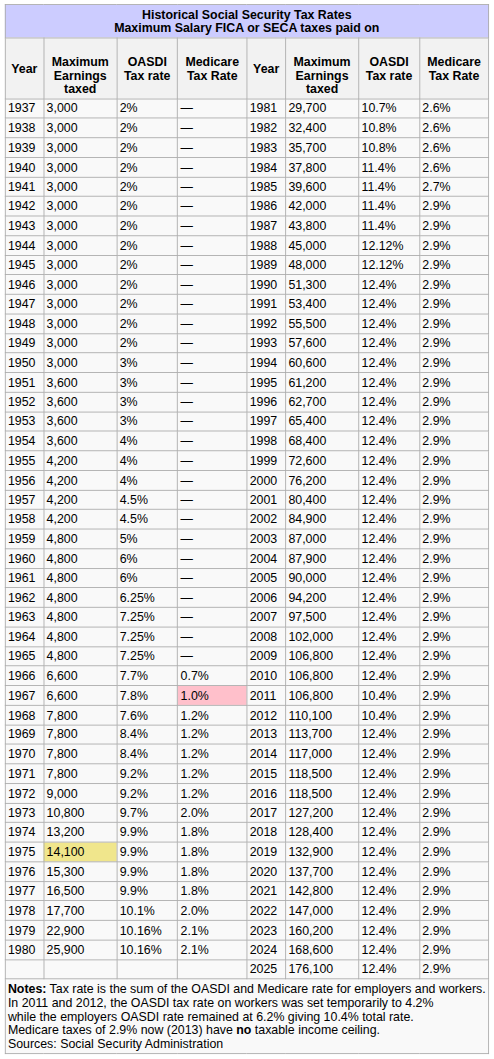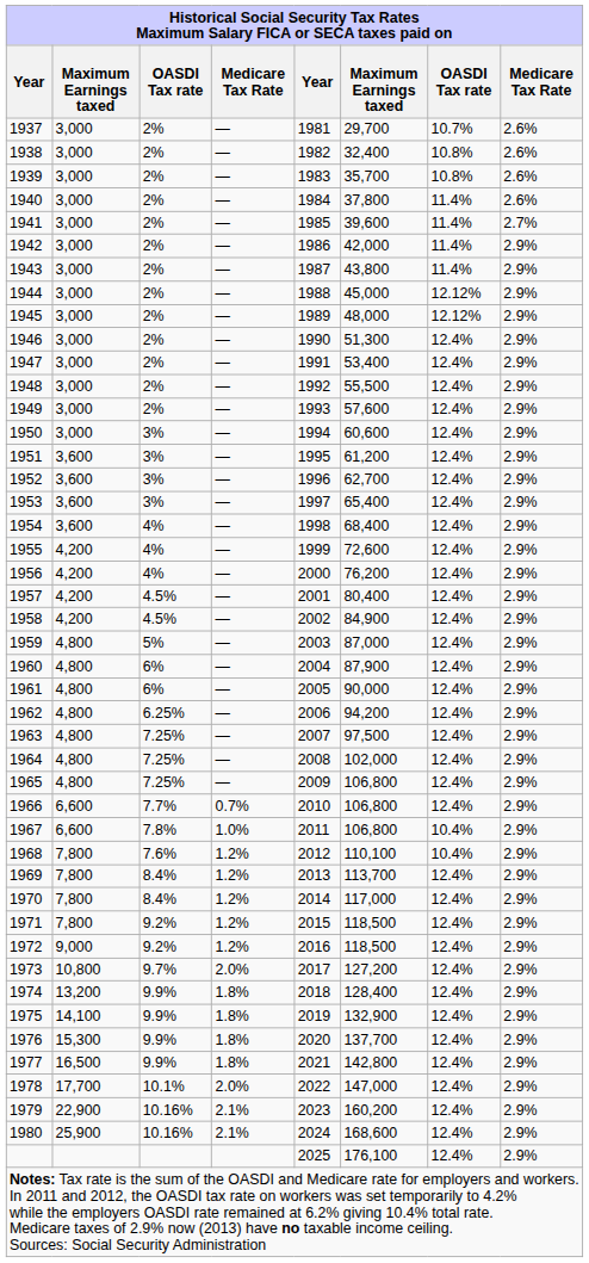 <table class="wikitable collapsible" cellpadding="1" cellspacing="1" style="margin:auto; margin:0 0 1em 1em; font-size:90%; float:right;">
 <tr>
 <th colspan="8" style="background:#ccf; text-align:center;">Historical Social Security Tax Rates<br>Maximum Salary FICA or SECA taxes paid on</th>
 </tr>
 <tr>
 <th align="right">Year</th>
 <th><br>Maximum<br>Earnings<br>taxed</th>
 <th>OASDI<br>Tax rate</th>
 <th>Medicare<br>Tax Rate</th>
 <th>Year</th>
 <th><br>Maximum<br>Earnings<br>taxed</th>
 <th>OASDI<br>Tax rate</th>
 <th>Medicare<br>Tax Rate</th>
 </tr>
 <tr>
 <td align right>1937</td>
 <td>3,000</td>
 <td>2%</td>
 <td>—</td>
 <td>1981</td>
 <td>29,700</td>
 <td>10.7%</td>
 <td>2.6%</td>
 </tr>
 <tr>
 <td align right>1938</td>
 <td>3,000</td>
 <td>2%</td>
 <td>—</td>
 <td>1982</td>
 <td>32,400</td>
 <td>10.8%</td>
 <td>2.6%</td>
 </tr>
 <tr>
 <td align right>1939</td>
 <td>3,000</td>
 <td>2%</td>
 <td>—</td>
 <td>1983</td>
 <td>35,700</td>
 <td>10.8%</td>
 <td>2.6%</td>
 </tr>
 <tr>
 <td align right>1940</td>
 <td>3,000</td>
 <td>2%</td>
 <td>—</td>
 <td>1984</td>
 <td>37,800</td>
 <td>11.4%</td>
 <td>2.6%</td>
 </tr>
 <tr>
 <td align right>1941</td>
 <td>3,000</td>
 <td>2%</td>
 <td>—</td>
 <td>1985</td>
 <td>39,600</td>
 <td>11.4%</td>
 <td>2.7%</td>
 </tr>
 <tr>
 <td align right>1942</td>
 <td>3,000</td>
 <td>2%</td>
 <td>—</td>
 <td>1986</td>
 <td>42,000</td>
 <td>11.4%</td>
 <td>2.9%</td>
 </tr>
 <tr>
 <td align right>1943</td>
 <td>3,000</td>
 <td>2%</td>
 <td>—</td>
 <td>1987</td>
 <td>43,800</td>
 <td>11.4%</td>
 <td>2.9%</td>
 </tr>
 <tr>
 <td align right>1944</td>
 <td>3,000</td>
 <td>2%</td>
 <td>—</td>
 <td>1988</td>
 <td>45,000</td>
 <td>12.12%</td>
 <td>2.9%</td>
 </tr>
 <tr>
 <td align right>1945</td>
 <td>3,000</td>
 <td>2%</td>
 <td>—</td>
 <td>1989</td>
 <td>48,000</td>
 <td>12.12%</td>
 <td>2.9%</td>
 </tr>
 <tr>
 <td align right>1946</td>
 <td>3,000</td>
 <td>2%</td>
 <td>—</td>
 <td>1990</td>
 <td>51,300</td>
 <td>12.4%</td>
 <td>2.9%</td>
 </tr>
 <tr>
 <td align right>1947</td>
 <td>3,000</td>
 <td>2%</td>
 <td>—</td>
 <td>1991</td>
 <td>53,400</td>
 <td>12.4%</td>
 <td>2.9%</td>
 </tr>
 <tr>
 <td align right>1948</td>
 <td>3,000</td>
 <td>2%</td>
 <td>—</td>
 <td>1992</td>
 <td>55,500</td>
 <td>12.4%</td>
 <td>2.9%</td>
 </tr>
 <tr>
 <td align right>1949</td>
 <td>3,000</td>
 <td>2%</td>
 <td>—</td>
 <td>1993</td>
 <td>57,600</td>
 <td>12.4%</td>
 <td>2.9%</td>
 </tr>
 <tr>
 <td align right>1950</td>
 <td>3,000</td>
 <td>3%</td>
 <td>—</td>
 <td>1994</td>
 <td>60,600</td>
 <td>12.4%</td>
 <td>2.9%</td>
 </tr>
 <tr>
 <td align right>1951</td>
 <td>3,600</td>
 <td>3%</td>
 <td>—</td>
 <td>1995</td>
 <td>61,200</td>
 <td>12.4%</td>
 <td>2.9%</td>
 </tr>
 <tr>
 <td align right>1952</td>
 <td>3,600</td>
 <td>3%</td>
 <td>—</td>
 <td>1996</td>
 <td>62,700</td>
 <td>12.4%</td>
 <td>2.9%</td>
 </tr>
 <tr>
 <td align right>1953</td>
 <td>3,600</td>
 <td>3%</td>
 <td>—</td>
 <td>1997</td>
 <td>65,400</td>
 <td>12.4%</td>
 <td>2.9%</td>
 </tr>
 <tr>
 <td align right>1954</td>
 <td>3,600</td>
 <td>4%</td>
 <td>—</td>
 <td>1998</td>
 <td>68,400</td>
 <td>12.4%</td>
 <td>2.9%</td>
 </tr>
 <tr>
 <td align right>1955</td>
 <td>4,200</td>
 <td>4%</td>
 <td>—</td>
 <td>1999</td>
 <td>72,600</td>
 <td>12.4%</td>
 <td>2.9%</td>
 </tr>
 <tr>
 <td align right>1956</td>
 <td>4,200</td>
 <td>4%</td>
 <td>—</td>
 <td>2000</td>
 <td>76,200</td>
 <td>12.4%</td>
 <td>2.9%</td>
 </tr>
 <tr>
 <td align right>1957</td>
 <td>4,200</td>
 <td>4.5%</td>
 <td>—</td>
 <td>2001</td>
 <td>80,400</td>
 <td>12.4%</td>
 <td>2.9%</td>
 </tr>
 <tr>
 <td align right>1958</td>
 <td>4,200</td>
 <td>4.5%</td>
 <td>—</td>
 <td>2002</td>
 <td>84,900</td>
 <td>12.4%</td>
 <td>2.9%</td>
 </tr>
 <tr>
 <td align right>1959</td>
 <td>4,800</td>
 <td>5%</td>
 <td>—</td>
 <td>2003</td>
 <td>87,000</td>
 <td>12.4%</td>
 <td>2.9%</td>
 </tr>
 <tr>
 <td align right>1960</td>
 <td>4,800</td>
 <td>6%</td>
 <td>—</td>
 <td>2004</td>
 <td>87,900</td>
 <td>12.4%</td>
 <td>2.9%</td>
 </tr>
 <tr>
 <td align right>1961</td>
 <td>4,800</td>
 <td>6%</td>
 <td>—</td>
 <td>2005</td>
 <td>90,000</td>
 <td>12.4%</td>
 <td>2.9%</td>
 </tr>
 <tr>
 <td align right>1962</td>
 <td>4,800</td>
 <td>6.25%</td>
 <td>—</td>
 <td>2006</td>
 <td>94,200</td>
 <td>12.4%</td>
 <td>2.9%</td>
 </tr>
 <tr>
 <td align right>1963</td>
 <td>4,800</td>
 <td>7.25%</td>
 <td>—</td>
 <td>2007</td>
 <td>97,500</td>
 <td>12.4%</td>
 <td>2.9%</td>
 </tr>
 <tr>
 <td align right>1964</td>
 <td>4,800</td>
 <td>7.25%</td>
 <td>—</td>
 <td>2008</td>
 <td>102,000</td>
 <td>12.4%</td>
 <td>2.9%</td>
 </tr>
 <tr>
 <td align right>1965</td>
 <td>4,800</td>
 <td>7.25%</td>
 <td>—</td>
 <td>2009</td>
 <td>106,800</td>
 <td>12.4%</td>
 <td>2.9%</td>
 </tr>
 <tr>
 <td align right>1966</td>
 <td>6,600</td>
 <td>7.7%</td>
 <td>0.7%</td>
 <td>2010</td>
 <td>106,800</td>
 <td>12.4%</td>
 <td>2.9%</td>
 </tr>
 <tr>
 <td align right>1967</td>
 <td>6,600</td>
 <td>7.8%</td>
-<td style="background: pink;">1.0%</td>
+<td>1.0%</td>
 <td>2011</td>
 <td>106,800</td>
 <td>10.4%</td>
 <td>2.9%</td>
 </tr>
 <tr>
 <td align right>1968</td>
 <td>7,800</td>
 <td>7.6%</td>
 <td>1.2%</td>
 <td>2012</td>
 <td>110,100</td>
 <td>10.4%</td>
 <td>2.9%</td>
 </tr>
 <tr>
 <td align right>1969</td>
 <td>7,800</td>
 <td>8.4%</td>
 <td>1.2%</td>
 <td>2013</td>
 <td>113,700</td>
 <td>12.4%</td>
 <td>2.9%</td>
 </tr>
 <tr>
 <td align right>1970</td>
 <td>7,800</td>
 <td>8.4%</td>
 <td>1.2%</td>
 <td>2014</td>
 <td>117,000</td>
 <td>12.4%</td>
 <td>2.9%</td>
 </tr>
 <tr>
 <td align right>1971</td>
 <td>7,800</td>
 <td>9.2%</td>
 <td>1.2%</td>
 <td>2015</td>
 <td>118,500</td>
 <td>12.4%</td>
 <td>2.9%</td>
 </tr>
 <tr>
 <td align right>1972</td>
 <td>9,000</td>
 <td>9.2%</td>
 <td>1.2%</td>
 <td>2016</td>
 <td>118,500</td>
 <td>12.4%</td>
 <td>2.9%</td>
 </tr>
 <tr>
 <td align right>1973</td>
 <td>10,800</td>
 <td>9.7%</td>
 <td>2.0%</td>
 <td>2017</td>
 <td>127,200</td>
 <td>12.4%</td>
 <td>2.9%</td>
 </tr>
 <tr>
 <td align right>1974</td>
 <td>13,200</td>
 <td>9.9%</td>
 <td>1.8%</td>
 <td>2018</td>
 <td>128,400</td>
 <td>12.4%</td>
 <td>2.9%</td>
 </tr>
 <tr>
 <td align right>1975</td>
-<td style="background: khaki;">14,100</td>
+<td>14,100</td>
 <td>9.9%</td>
 <td>1.8%</td>
 <td>2019</td>
 <td>132,900</td>
 <td>12.4%</td>
 <td>2.9%</td>
 </tr>
 <tr>
 <td align right>1976</td>
 <td>15,300</td>
 <td>9.9%</td>
 <td>1.8%</td>
 <td>2020</td>
 <td>137,700</td>
 <td>12.4%</td>
 <td>2.9%</td>
 </tr>
 <tr>
 <td align right>1977</td>
 <td>16,500</td>
 <td>9.9%</td>
 <td>1.8%</td>
 <td>2021</td>
 <td>142,800</td>
 <td>12.4%</td>
 <td>2.9%</td>
 </tr>
 <tr>
 <td align right>1978</td>
 <td>17,700</td>
 <td>10.1%</td>
 <td>2.0%</td>
 <td>2022</td>
 <td>147,000</td>
 <td>12.4%</td>
 <td>2.9%</td>
 </tr>
 <tr>
 <td align right>1979</td>
 <td>22,900</td>
 <td>10.16%</td>
 <td>2.1%</td>
 <td>2023</td>
 <td>160,200</td>
 <td>12.4%</td>
 <td>2.9%</td>
 </tr>
 <tr>
 <td align right>1980</td>
 <td>25,900</td>
 <td>10.16%</td>
 <td>2.1%</td>
 <td>2024</td>
 <td>168,600</td>
 <td>12.4%</td>
 <td>2.9%</td>
 </tr>
 <tr>
 <td></td>
 <td></td>
 <td></td>
 <td></td>
 <td>2025</td>
 <td>176,100</td>
 <td>12.4%</td>
 <td>2.9%</td>
 </tr>
 <tr>
 <td colspan="8" style="text-align:left;" font-size: 90%><strong>Notes:</strong> Tax rate is the sum of the OASDI and Medicare rate for employers and workers.<br>In 2011 and 2012, the OASDI tax rate on workers was set temporarily to 4.2%<br>while the employers OASDI rate remained at 6.2% giving 10.4% total rate.<br>Medicare taxes of 2.9% now (2013) have <strong>no</strong> taxable income ceiling.<br>Sources: Social Security Administration</td>
 </tr>
 </table>
